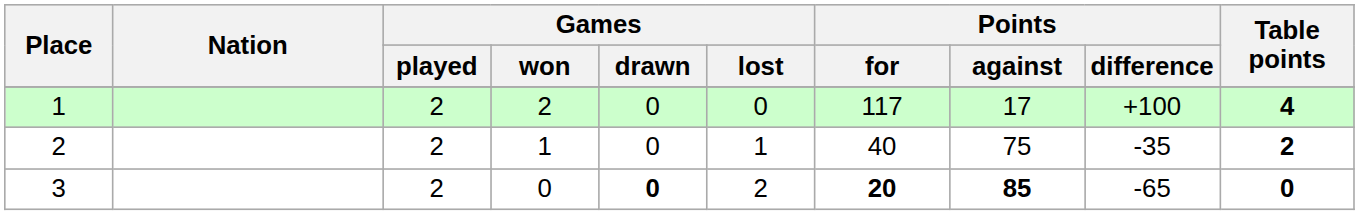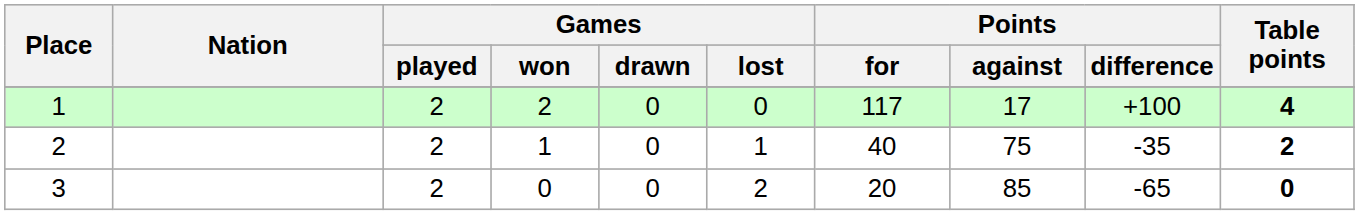 <table class="wikitable">
 <tr>
 <th rowspan=2 width="8%">Place</th>
 <th rowspan=2 width="20%">Nation</th>
 <th colspan=4 width="32%">Games</th>
 <th colspan=3 width="30%">Points</th>
 <th rowspan=2 width="10%">Table<br>points</th>
 </tr>
 <tr>
 <th width="8%">played</th>
 <th width="8%">won</th>
 <th width="8%">drawn</th>
 <th width="8%">lost</th>
 <th width="10%">for</th>
 <th width="10%">against</th>
 <th width="10%">difference</th>
 </tr>
 <tr>
 </tr>
 <tr bgcolor=#ccffcc align=center>
 <td>1</td>
 <td align=left></td>
 <td>2</td>
 <td>2</td>
 <td>0</td>
 <td>0</td>
 <td>117</td>
 <td>17</td>
 <td>+100</td>
 <td><strong>4</strong></td>
 </tr>
 <tr bgcolor=#ffffff align=center>
 <td>2</td>
 <td align=left></td>
 <td>2</td>
 <td>1</td>
 <td>0</td>
 <td>1</td>
 <td>40</td>
 <td>75</td>
 <td>-35</td>
 <td><strong>2</strong></td>
 </tr>
 <tr bgcolor=#ffffff align=center>
 <td>3</td>
 <td align=left></td>
 <td>2</td>
 <td>0</td>
-<td><strong>0</strong></td>
+<td>0</td>
 <td>2</td>
-<td><strong>20</strong></td>
-<td><strong>85</strong></td>
+<td>20</td>
+<td>85</td>
 <td>-65</td>
 <td><strong>0</strong></td>
 </tr>
 </table>
